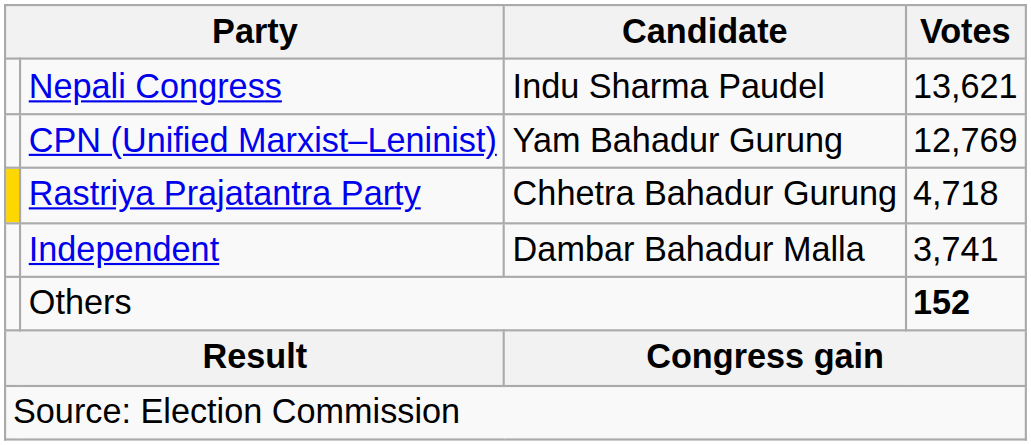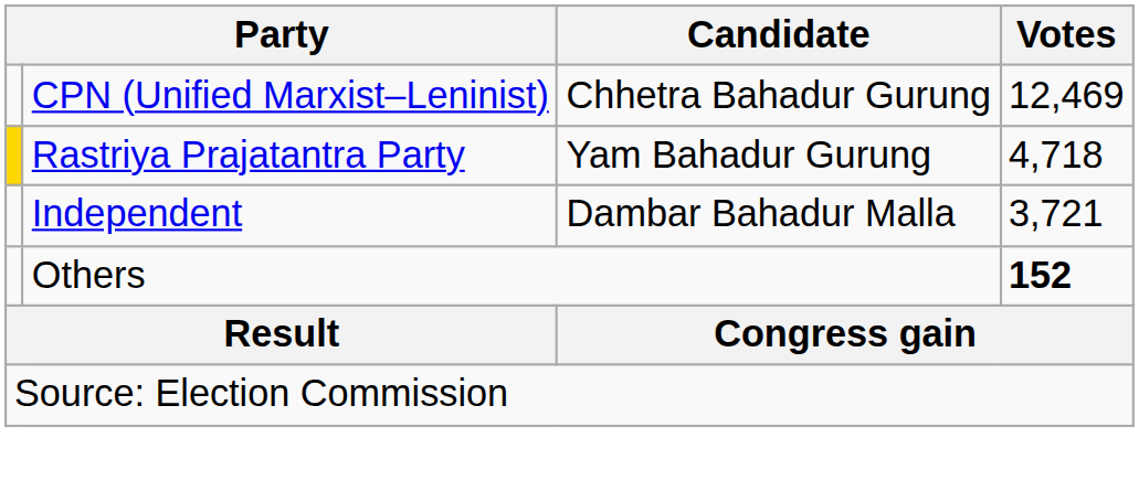 <table class="wikitable">
 <tr>
 <th colspan="2">Party</th>
 <th>Candidate</th>
 <th>Votes</th>
 </tr>
 <tr>
 <td style="background-color:"></td>
-<td><a href='#'>Nepali Congress</a></td>
-<td>Indu Sharma Paudel</td>
-<td>13,621</td>
-</tr>
-<tr>
-<td style="background-color:"></td>
 <td><a href='#'>CPN (Unified Marxist–Leninist)</a></td>
-<td>Yam Bahadur Gurung</td>
-<td>12,769</td>
+<td>Chhetra Bahadur Gurung</td>
+<td>12,469</td>
 </tr>
 <tr>
 <td style="background-color:gold"></td>
 <td><a href='#'>Rastriya Prajatantra Party</a></td>
-<td>Chhetra Bahadur Gurung</td>
+<td>Yam Bahadur Gurung</td>
 <td>4,718</td>
 </tr>
 <tr>
 <td style="background-color:"></td>
 <td><a href='#'>Independent</a></td>
 <td>Dambar Bahadur Malla</td>
-<td>3,741</td>
+<td>3,721</td>
 </tr>
 <tr>
 <td></td>
 <td colspan="2">Others</td>
 <td><strong>152</strong></td>
 </tr>
 <tr>
 <th colspan="2">Result</th>
 <th colspan="2">Congress gain</th>
 </tr>
 <tr>
 <td colspan="4">Source: Election Commission</td>
 </tr>
 </table>
